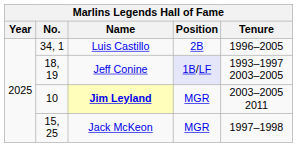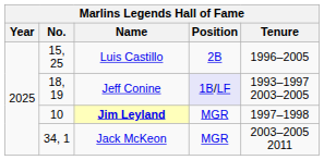 <table class="wikitable" style="text-align:center">
 <tr>
 <th colspan="5"><strong>Marlins Legends Hall of Fame</strong></th>
 </tr>
 <tr>
 <th style="width:40px; ">Year</th>
 <th style="width:40px; ">No.</th>
 <th style="width:150px; ">Name</th>
 <th style="width:40px; ">Position</th>
 <th style="width:100px; ">Tenure</th>
 </tr>
 <tr>
 <td rowspan=4>2025</td>
-<td>34, 1</td>
+<td>15, 25</td>
 <td><a href='#'>Luis Castillo</a></td>
 <td><a href='#'>2B</a></td>
 <td>1996–2005</td>
 </tr>
 <tr>
 <td>18, 19</td>
 <td><a href='#'>Jeff Conine</a></td>
 <td style="background: lavender;"><a href='#'>1B</a>/<a href='#'>LF</a></td>
 <td>1993–1997<br>2003–2005</td>
 </tr>
 <tr>
 <td>10</td>
 <td style="background:#ffb;"><strong><a href='#'>Jim Leyland</a></strong></td>
 <td><a href='#'>MGR</a></td>
+<td>1997–1998</td>
+</tr>
+<tr>
+<td>34, 1</td>
+<td><a href='#'>Jack McKeon</a></td>
+<td><a href='#'>MGR</a></td>
 <td>2003–2005<br>2011</td>
 </tr>
-<tr>
-<td>15, 25</td>
-<td><a href='#'>Jack McKeon</a></td>
-<td><a href='#'>MGR</a></td>
-<td>1997–1998</td>
-</tr>
 </table>
